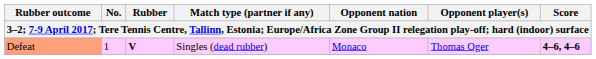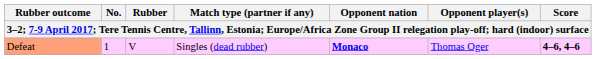 <table class=wikitable>
 <tr>
 <th>Rubber outcome</th>
 <th>No.</th>
 <th>Rubber</th>
 <th>Match type (partner if any)</th>
 <th>Opponent nation</th>
 <th>Opponent player(s)</th>
 <th>Score</th>
 </tr>
 <tr>
 <th colspan=7>3–2; <a href='#'>7-9 April 2017</a>; Tere Tennis Centre, <a href='#'>Tallinn</a>, Estonia; Europe/Africa Zone Group II relegation play-off; hard (indoor) surface</th>
 </tr>
 <tr bgcolor=#FFCCFF>
 <td bgcolor=FFA07A>Defeat</td>
 <td>1</td>
-<td><strong>V</strong></td>
+<td>V</td>
 <td>Singles (<a href='#'>dead rubber</a>)</td>
-<td> <a href='#'>Monaco</a></td>
+<td><strong> <a href='#'>Monaco</a></strong></td>
 <td><a href='#'>Thomas Oger</a></td>
 <td><strong>4–6, 4–6</strong></td>
 </tr>
 </table>
